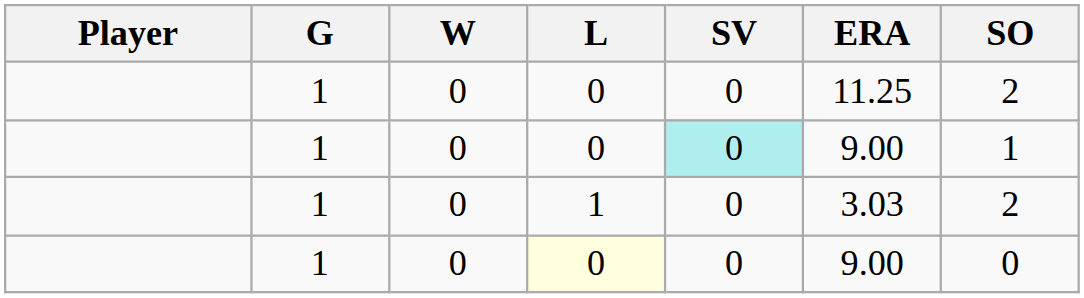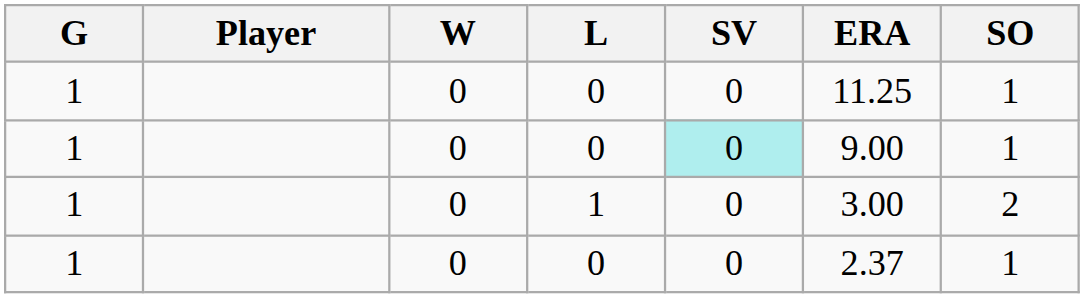 <table class="wikitable sortable">
 <tr>
+<th bgcolor="#DDDDFF" width="9%">G</th>
 <th bgcolor="#DDDDFF" width="16%">Player</th>
-<th bgcolor="#DDDDFF" width="9%">G</th>
 <th bgcolor="#DDDDFF" width="9%">W</th>
 <th bgcolor="#DDDDFF" width="9%">L</th>
 <th bgcolor="#DDDDFF" width="9%">SV</th>
 <th bgcolor="#DDDDFF" width="9%">ERA</th>
 <th bgcolor="#DDDDFF" width="9%">SO</th>
 </tr>
 <tr align="center">
+<td>1</td>
 <td></td>
-<td>1</td>
 <td>0</td>
 <td>0</td>
 <td>0</td>
 <td>11.25</td>
-<td>2</td>
+<td>1</td>
 </tr>
 <tr align="center">
+<td>1</td>
 <td></td>
-<td>1</td>
 <td>0</td>
 <td>0</td>
 <td style="background: paleturquoise;">0</td>
 <td>9.00</td>
 <td>1</td>
 </tr>
 <tr align="center">
+<td>1</td>
 <td></td>
-<td>1</td>
 <td>0</td>
 <td>1</td>
 <td>0</td>
-<td>3.03</td>
+<td>3.00</td>
 <td>2</td>
 </tr>
 <tr align="center">
+<td>1</td>
 <td></td>
+<td>0</td>
+<td>0</td>
+<td>0</td>
+<td>2.37</td>
 <td>1</td>
-<td>0</td>
-<td style="background: lightyellow;">0</td>
-<td>0</td>
-<td>9.00</td>
-<td>0</td>
 </tr>
 </table>
